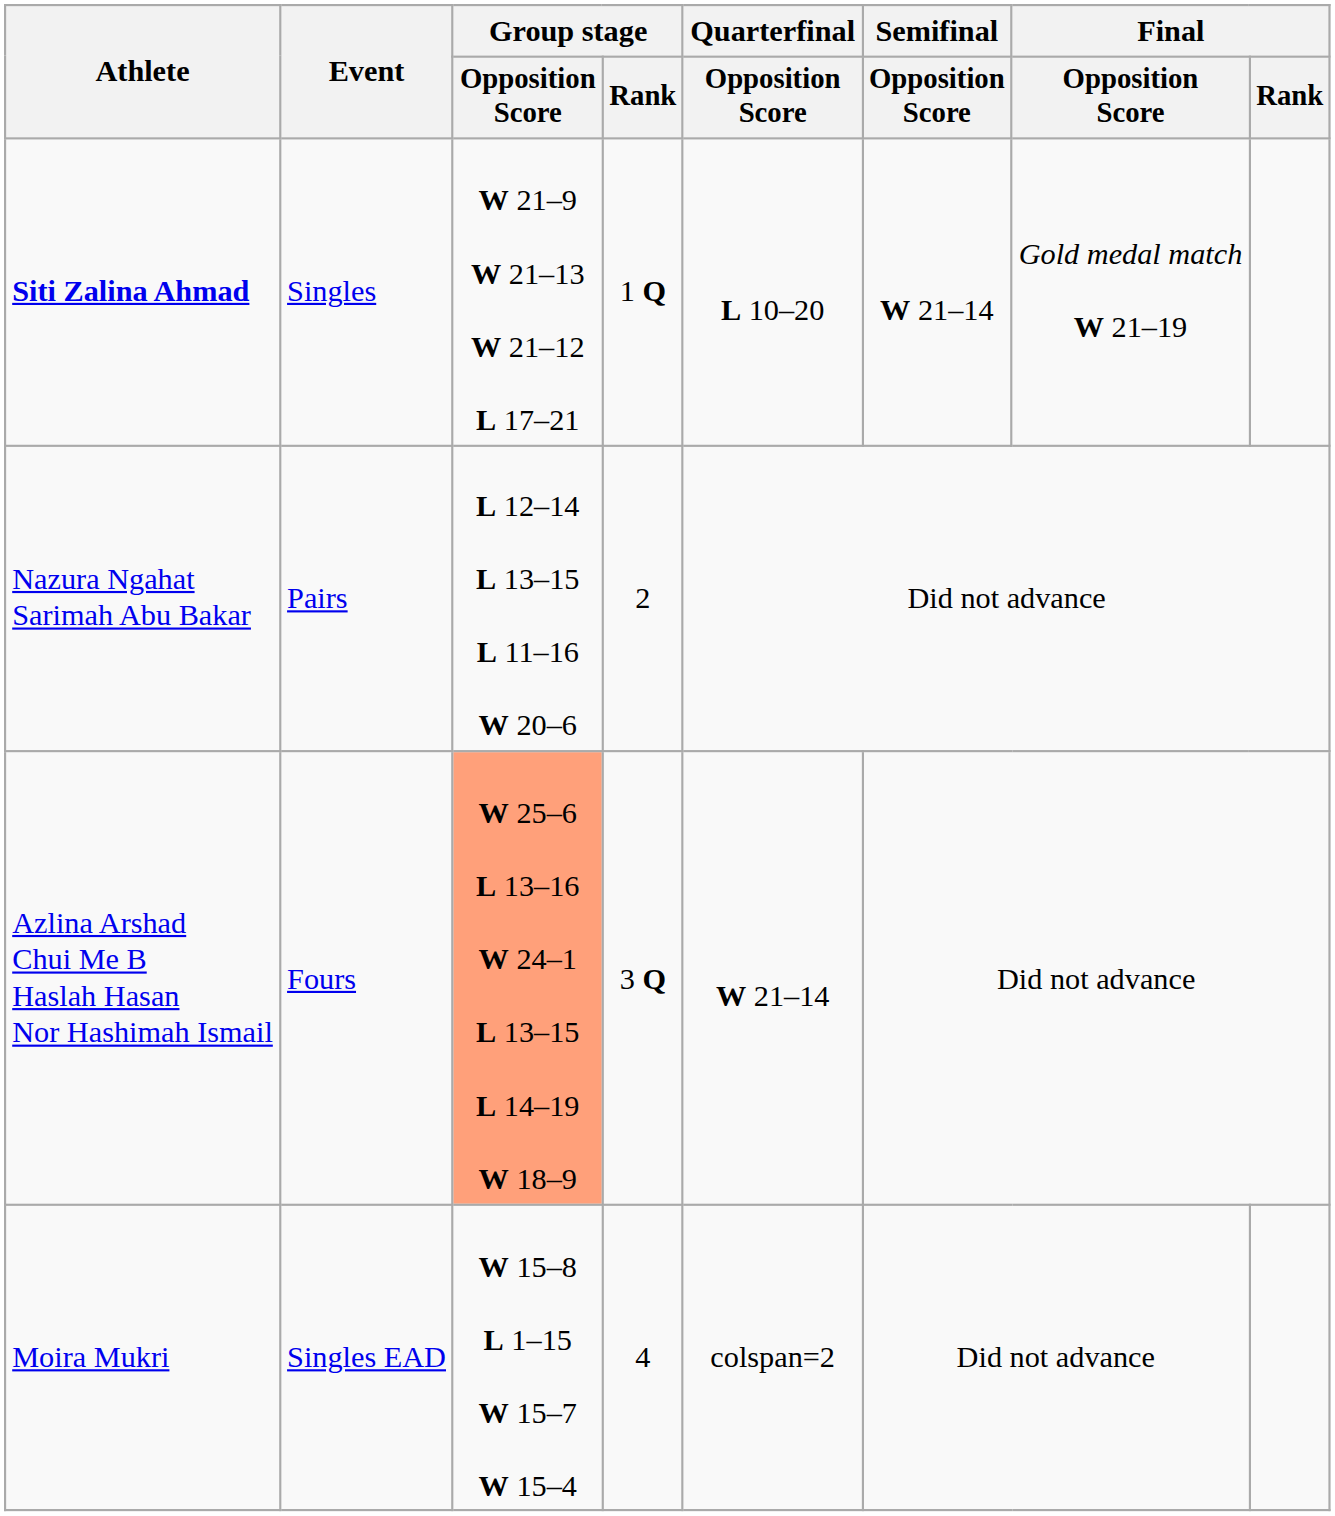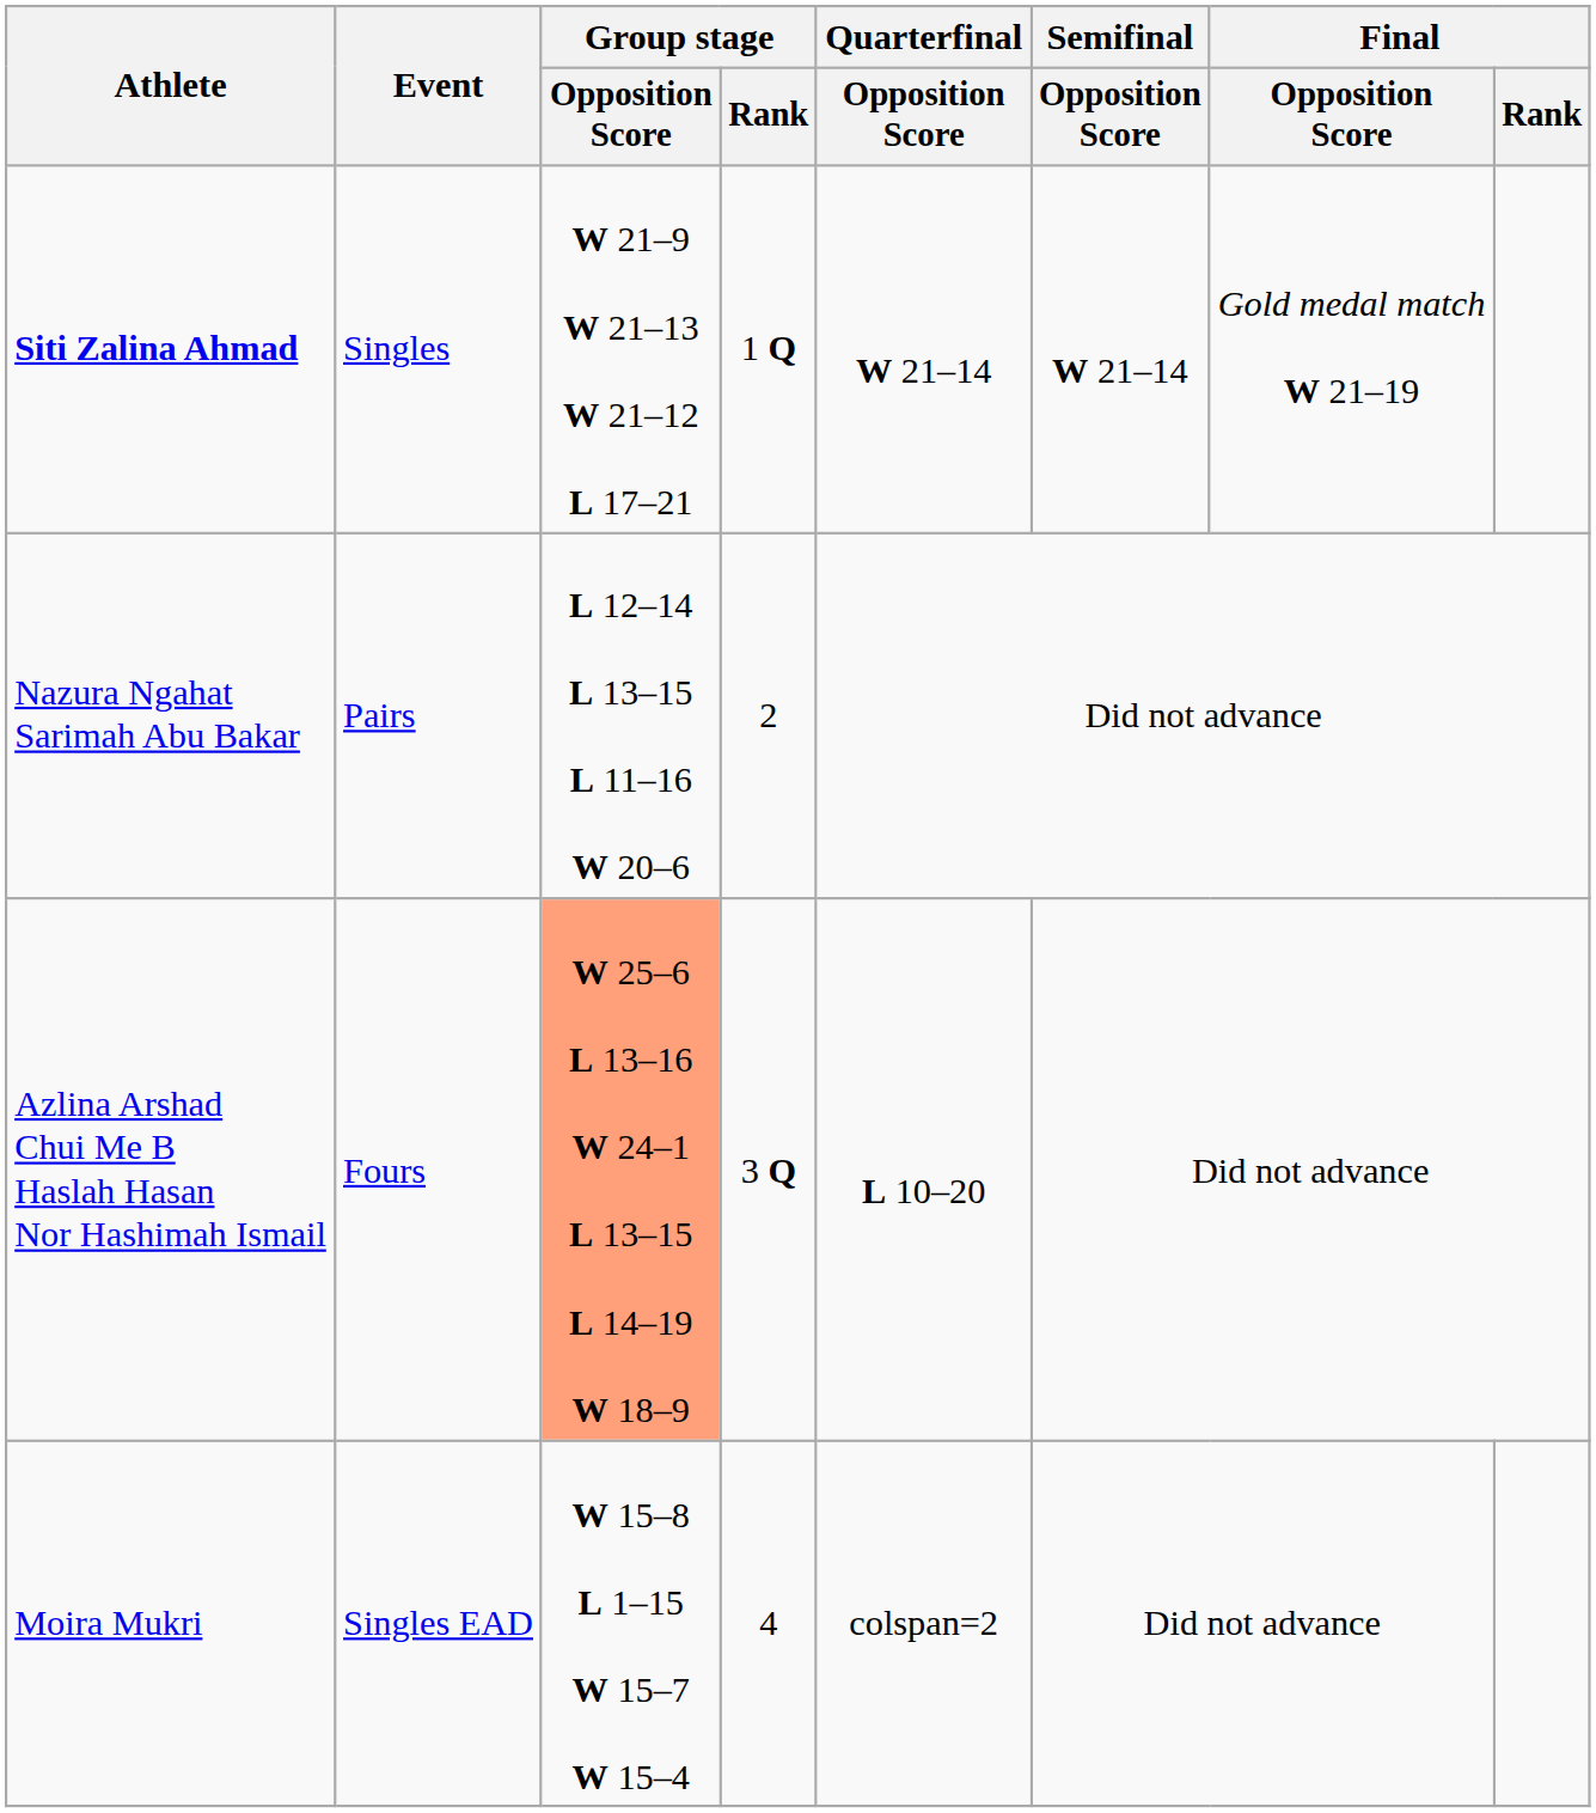 <table class="wikitable" style="font-size:88%">
 <tr>
 <th rowspan=2>Athlete</th>
 <th rowspan=2>Event</th>
 <th colspan=2>Group stage</th>
 <th>Quarterfinal</th>
 <th>Semifinal</th>
 <th colspan=2>Final</th>
 </tr>
 <tr style="font-size:95%">
 <th>Opposition<br>Score</th>
 <th>Rank</th>
 <th>Opposition<br>Score</th>
 <th>Opposition<br>Score</th>
 <th>Opposition<br>Score</th>
 <th>Rank</th>
 </tr>
 <tr align=center>
 <td align=left><strong><a href='#'>Siti Zalina Ahmad</a></strong></td>
 <td align=left><a href='#'>Singles</a></td>
 <td><br><strong>W</strong> 21–9<br><br><strong>W</strong> 21–13<br><br><strong>W</strong> 21–12<br><br><strong>L</strong> 17–21</td>
 <td>1 <strong>Q</strong></td>
-<td><br><strong>L</strong> 10–20</td>
+<td><br><strong>W</strong> 21–14</td>
 <td><br><strong>W</strong> 21–14</td>
 <td><em>Gold medal match</em><br><br><strong>W</strong> 21–19</td>
 <td></td>
 </tr>
 <tr align=center>
 <td align=left><a href='#'>Nazura Ngahat</a><br><a href='#'>Sarimah Abu Bakar</a></td>
 <td align=left><a href='#'>Pairs</a></td>
 <td><br><strong>L</strong> 12–14<br><br><strong>L</strong> 13–15<br><br><strong>L</strong> 11–16<br><br><strong>W</strong> 20–6</td>
 <td>2</td>
 <td colspan=4>Did not advance</td>
 </tr>
 <tr align=center>
 <td align=left><a href='#'>Azlina Arshad</a><br><a href='#'>Chui Me B</a><br><a href='#'>Haslah Hasan</a><br><a href='#'>Nor Hashimah Ismail</a></td>
 <td align=left><a href='#'>Fours</a></td>
 <td style="background: lightsalmon;"><br><strong>W</strong> 25–6<br><br><strong>L</strong> 13–16<br><br><strong>W</strong> 24–1<br><br><strong>L</strong> 13–15<br><br><strong>L</strong> 14–19<br><br><strong>W</strong> 18–9</td>
 <td>3 <strong>Q</strong></td>
-<td><br><strong>W</strong> 21–14</td>
+<td><br><strong>L</strong> 10–20</td>
 <td colspan=3>Did not advance</td>
 </tr>
 <tr align=center>
 <td align=left><a href='#'>Moira Mukri</a></td>
 <td align=left><a href='#'>Singles EAD</a></td>
 <td><br><strong>W</strong> 15–8<br><br><strong>L</strong> 1–15<br><br><strong>W</strong> 15–7<br><br><strong>W</strong> 15–4</td>
 <td>4</td>
 <td>colspan=2 </td>
 <td colspan=2>Did not advance</td>
 </tr>
 </table>
